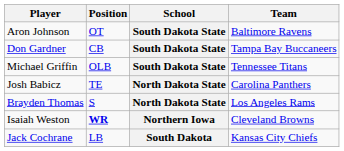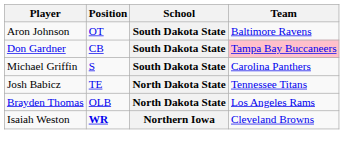 <table class="wikitable sortable" border="1">
 <tr>
 <th>Player</th>
 <th>Position</th>
 <th>School</th>
 <th>Team</th>
 </tr>
 <tr>
 <td>Aron Johnson</td>
 <td><a href='#'>OT</a></td>
 <th>South Dakota State</th>
 <td><a href='#'>Baltimore Ravens</a></td>
 </tr>
 <tr>
 <td><a href='#'>Don Gardner</a></td>
 <td><a href='#'>CB</a></td>
 <th>South Dakota State</th>
-<td><a href='#'>Tampa Bay Buccaneers</a></td>
+<td style="background: pink;"><a href='#'>Tampa Bay Buccaneers</a></td>
 </tr>
 <tr>
 <td>Michael Griffin</td>
-<td><a href='#'>OLB</a></td>
+<td><a href='#'>S</a></td>
 <th>South Dakota State</th>
-<td><a href='#'>Tennessee Titans</a></td>
+<td><a href='#'>Carolina Panthers</a></td>
 </tr>
 <tr>
 <td>Josh Babicz</td>
 <td><a href='#'>TE</a></td>
 <th>North Dakota State</th>
-<td><a href='#'>Carolina Panthers</a></td>
+<td><a href='#'>Tennessee Titans</a></td>
 </tr>
 <tr>
 <td><a href='#'>Brayden Thomas</a></td>
-<td><a href='#'>S</a></td>
+<td><a href='#'>OLB</a></td>
 <th>North Dakota State</th>
 <td><a href='#'>Los Angeles Rams</a></td>
 </tr>
 <tr>
 <td>Isaiah Weston</td>
 <td><strong><a href='#'>WR</a></strong></td>
 <th>Northern Iowa</th>
 <td><a href='#'>Cleveland Browns</a></td>
 </tr>
-<tr>
-<td><a href='#'>Jack Cochrane</a></td>
-<td><a href='#'>LB</a></td>
-<th>South Dakota</th>
-<td><a href='#'>Kansas City Chiefs</a></td>
-</tr>
 </table>
